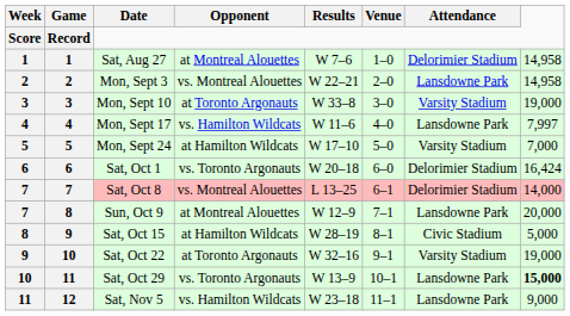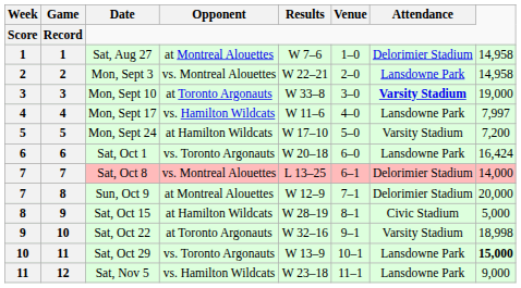 <table class="wikitable" style="text-align:center">
 <tr>
 <th>Week</th>
 <th>Game</th>
 <th>Date</th>
 <th>Opponent</th>
 <th>Results</th>
 <th>Venue</th>
 <th>Attendance</th>
 </tr>
 <tr>
 <th>Score</th>
 <th>Record</th>
 </tr>
 <tr style="background:#ddffdd">
 <th>1</th>
 <th>1</th>
 <td>Sat, Aug 27</td>
 <td>at <a href='#'>Montreal Alouettes</a></td>
 <td>W 7–6</td>
 <td>1–0</td>
 <td><a href='#'>Delorimier Stadium</a></td>
 <td>14,958</td>
 </tr>
 <tr style="background:#ddffdd">
 <th>2</th>
 <th>2</th>
 <td>Mon, Sept 3</td>
 <td>vs. Montreal Alouettes</td>
 <td>W 22–21</td>
 <td>2–0</td>
 <td><a href='#'>Lansdowne Park</a></td>
 <td>14,958</td>
 </tr>
 <tr style="background:#ddffdd">
 <th>3</th>
 <th>3</th>
 <td>Mon, Sept 10</td>
 <td>at <a href='#'>Toronto Argonauts</a></td>
 <td>W 33–8</td>
 <td>3–0</td>
-<td><a href='#'>Varsity Stadium</a></td>
+<td><strong><a href='#'>Varsity Stadium</a></strong></td>
 <td>19,000</td>
 </tr>
 <tr style="background:#ddffdd">
 <th>4</th>
 <th>4</th>
 <td>Mon, Sept 17</td>
 <td>vs. <a href='#'>Hamilton Wildcats</a></td>
 <td>W 11–6</td>
 <td>4–0</td>
 <td>Lansdowne Park</td>
 <td>7,997</td>
 </tr>
 <tr style="background:#ddffdd">
 <th>5</th>
 <th>5</th>
 <td>Mon, Sept 24</td>
 <td>at Hamilton Wildcats</td>
 <td>W 17–10</td>
 <td>5–0</td>
 <td>Varsity Stadium</td>
-<td>7,000</td>
+<td>7,200</td>
 </tr>
 <tr style="background:#ddffdd">
 <th>6</th>
 <th>6</th>
 <td>Sat, Oct 1</td>
 <td>vs. Toronto Argonauts</td>
 <td>W 20–18</td>
 <td>6–0</td>
-<td>Delorimier Stadium</td>
+<td>Lansdowne Park</td>
 <td>16,424</td>
 </tr>
 <tr style="background:#ffbbbb">
 <th>7</th>
 <th>7</th>
 <td>Sat, Oct 8</td>
 <td>vs. Montreal Alouettes</td>
 <td>L 13–25</td>
 <td>6–1</td>
 <td>Delorimier Stadium</td>
 <td>14,000</td>
 </tr>
 <tr style="background:#ddffdd">
 <th>7</th>
 <th>8</th>
 <td>Sun, Oct 9</td>
 <td>at Montreal Alouettes</td>
 <td>W 12–9</td>
 <td>7–1</td>
-<td>Lansdowne Park</td>
+<td>Delorimier Stadium</td>
 <td>20,000</td>
 </tr>
 <tr style="background:#ddffdd">
 <th>8</th>
 <th>9</th>
 <td>Sat, Oct 15</td>
 <td>at Hamilton Wildcats</td>
 <td>W 28–19</td>
 <td>8–1</td>
 <td>Civic Stadium</td>
 <td>5,000</td>
 </tr>
 <tr style="background:#ddffdd">
 <th>9</th>
 <th>10</th>
 <td>Sat, Oct 22</td>
 <td>at Toronto Argonauts</td>
 <td>W 32–16</td>
 <td>9–1</td>
 <td>Varsity Stadium</td>
-<td>19,000</td>
+<td>18,998</td>
 </tr>
 <tr style="background:#ddffdd">
 <th>10</th>
 <th>11</th>
 <td>Sat, Oct 29</td>
 <td>vs. Toronto Argonauts</td>
 <td>W 13–9</td>
 <td>10–1</td>
 <td>Lansdowne Park</td>
 <td><strong>15,000</strong></td>
 </tr>
 <tr style="background:#ddffdd">
 <th>11</th>
 <th>12</th>
 <td>Sat, Nov 5</td>
 <td>vs. Hamilton Wildcats</td>
 <td>W 23–18</td>
 <td>11–1</td>
 <td>Lansdowne Park</td>
 <td>9,000</td>
 </tr>
 </table>
